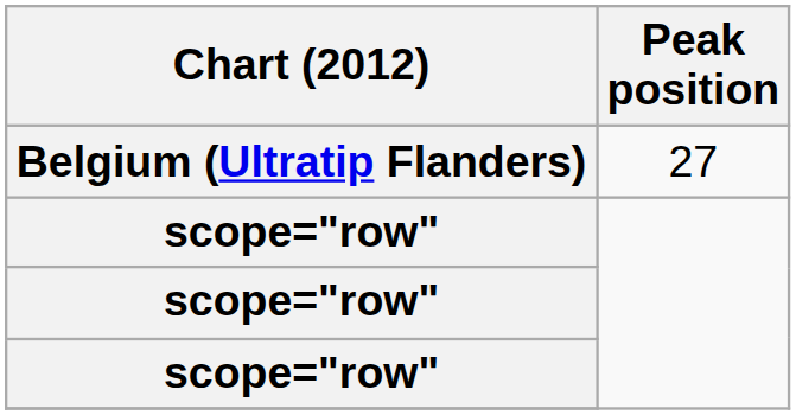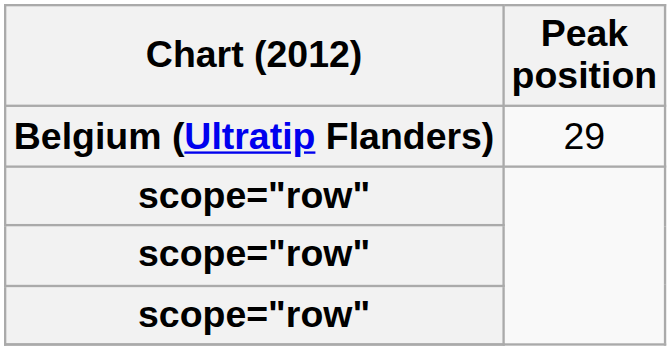 <table class="wikitable sortable plainrowheaders">
 <tr>
 <th scope="col">Chart (2012)</th>
 <th scope="col">Peak<br>position</th>
 </tr>
 <tr>
 <th scope="row">Belgium (<a href='#'>Ultratip</a> Flanders)</th>
-<td align="center">27</td>
+<td align="center">29</td>
 </tr>
 <tr>
 <th>scope="row" </th>
 </tr>
 <tr>
 <th>scope="row" </th>
 </tr>
 <tr>
 <th>scope="row" </th>
 </tr>
 <tr>
 </tr>
 </table>
